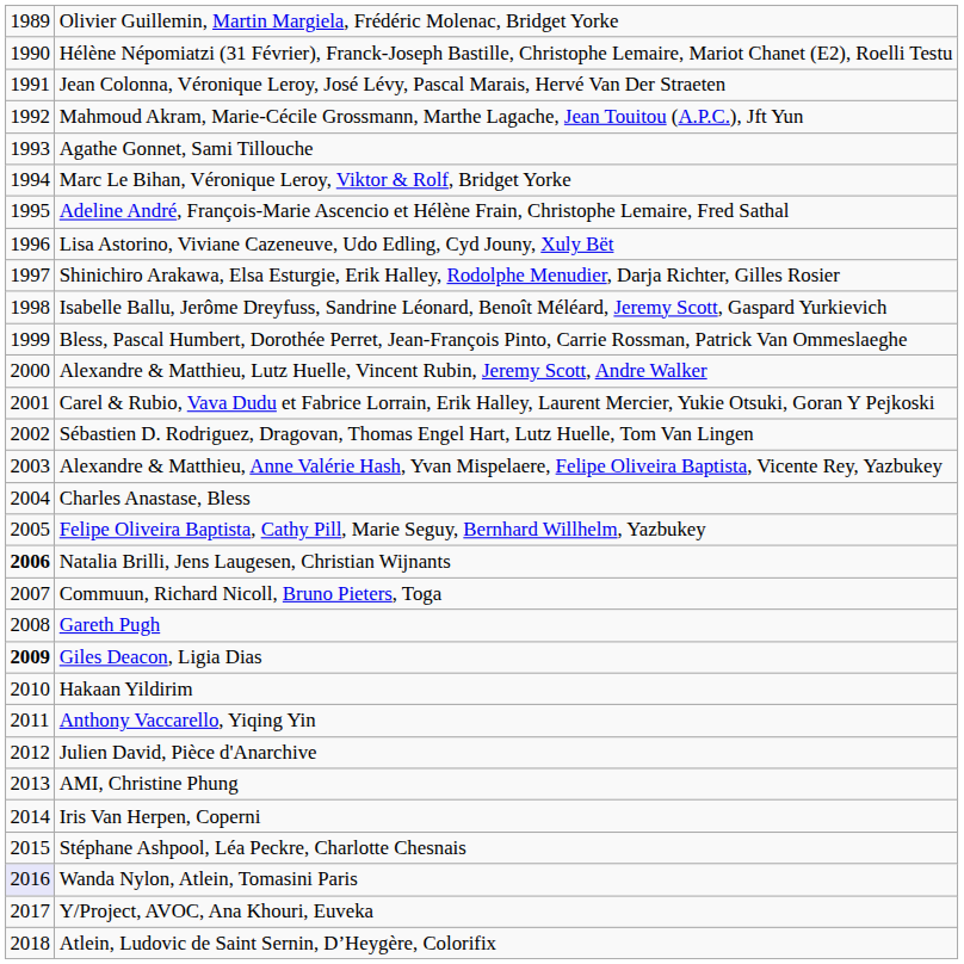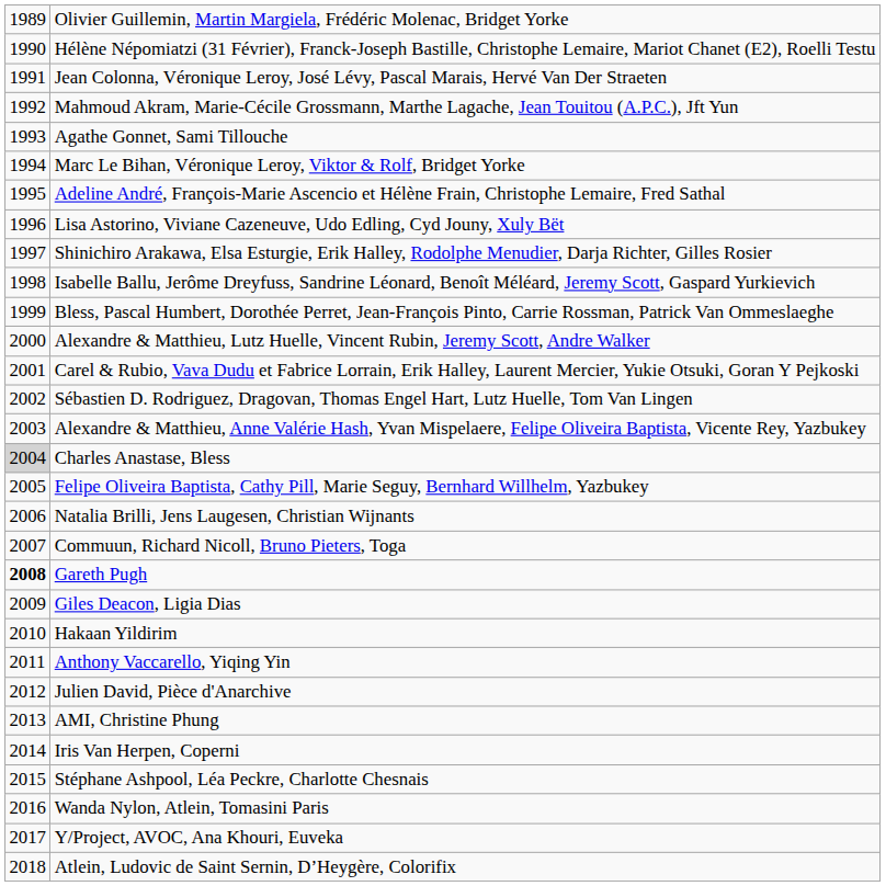 <table class="wikitable">
 <tr>
 <td>1989</td>
 <td>Olivier Guillemin, <a href='#'>Martin Margiela</a>, Frédéric Molenac, Bridget Yorke</td>
 </tr>
 <tr>
 <td>1990</td>
 <td>Hélène Népomiatzi (31 Février), Franck-Joseph Bastille, Christophe Lemaire, Mariot Chanet (E2), Roelli Testu</td>
 </tr>
 <tr>
 <td>1991</td>
 <td>Jean Colonna, Véronique Leroy, José Lévy, Pascal Marais, Hervé Van Der Straeten</td>
 </tr>
 <tr>
 <td>1992</td>
 <td>Mahmoud Akram, Marie-Cécile Grossmann, Marthe Lagache, <a href='#'>Jean Touitou</a> (<a href='#'>A.P.C.</a>), Jft Yun</td>
 </tr>
 <tr>
 <td>1993</td>
 <td>Agathe Gonnet, Sami Tillouche</td>
 </tr>
 <tr>
 <td>1994</td>
 <td>Marc Le Bihan, Véronique Leroy, <a href='#'>Viktor & Rolf</a>, Bridget Yorke</td>
 </tr>
 <tr>
 <td>1995</td>
 <td><a href='#'>Adeline André</a>, François-Marie Ascencio et Hélène Frain, Christophe Lemaire, Fred Sathal</td>
 </tr>
 <tr>
 <td>1996</td>
 <td>Lisa Astorino, Viviane Cazeneuve, Udo Edling, Cyd Jouny, <a href='#'>Xuly Bët</a></td>
 </tr>
 <tr>
 <td>1997</td>
 <td>Shinichiro Arakawa, Elsa Esturgie, Erik Halley, <a href='#'>Rodolphe Menudier</a>, Darja Richter, Gilles Rosier</td>
 </tr>
 <tr>
 <td>1998</td>
 <td>Isabelle Ballu, Jerôme Dreyfuss, Sandrine Léonard, Benoît Méléard, <a href='#'>Jeremy Scott</a>, Gaspard Yurkievich</td>
 </tr>
 <tr>
 <td>1999</td>
 <td>Bless, Pascal Humbert, Dorothée Perret, Jean-François Pinto, Carrie Rossman, Patrick Van Ommeslaeghe</td>
 </tr>
 <tr>
 <td>2000</td>
 <td>Alexandre & Matthieu, Lutz Huelle, Vincent Rubin, <a href='#'>Jeremy Scott</a>, <a href='#'>Andre Walker</a></td>
 </tr>
 <tr>
 <td>2001</td>
 <td>Carel & Rubio, <a href='#'>Vava Dudu</a> et Fabrice Lorrain, Erik Halley, Laurent Mercier, Yukie Otsuki, Goran Y Pejkoski</td>
 </tr>
 <tr>
 <td>2002</td>
 <td>Sébastien D. Rodriguez, Dragovan, Thomas Engel Hart, Lutz Huelle, Tom Van Lingen</td>
 </tr>
 <tr>
 <td>2003</td>
 <td>Alexandre & Matthieu, <a href='#'>Anne Valérie Hash</a>, Yvan Mispelaere, <a href='#'>Felipe Oliveira Baptista</a>, Vicente Rey, Yazbukey</td>
 </tr>
 <tr>
-<td>2004</td>
+<td style="background: lightgrey;">2004</td>
 <td>Charles Anastase, Bless</td>
 </tr>
 <tr>
 <td>2005</td>
 <td><a href='#'>Felipe Oliveira Baptista</a>, <a href='#'>Cathy Pill</a>, Marie Seguy, <a href='#'>Bernhard Willhelm</a>, Yazbukey</td>
 </tr>
 <tr>
-<td><strong>2006</strong></td>
+<td>2006</td>
 <td>Natalia Brilli, Jens Laugesen, Christian Wijnants</td>
 </tr>
 <tr>
 <td>2007</td>
 <td>Commuun, Richard Nicoll, <a href='#'>Bruno Pieters</a>, Toga</td>
 </tr>
 <tr>
-<td>2008</td>
+<td><strong>2008</strong></td>
 <td><a href='#'>Gareth Pugh</a></td>
 </tr>
 <tr>
-<td><strong>2009</strong></td>
+<td>2009</td>
 <td><a href='#'>Giles Deacon</a>, Ligia Dias</td>
 </tr>
 <tr>
 <td>2010</td>
 <td>Hakaan Yildirim</td>
 </tr>
 <tr>
 <td>2011</td>
 <td><a href='#'>Anthony Vaccarello</a>, Yiqing Yin</td>
 </tr>
 <tr>
 <td>2012</td>
 <td>Julien David, Pièce d'Anarchive</td>
 </tr>
 <tr>
 <td>2013</td>
 <td>AMI, Christine Phung</td>
 </tr>
 <tr>
 <td>2014</td>
 <td>Iris Van Herpen, Coperni</td>
 </tr>
 <tr>
 <td>2015</td>
 <td>Stéphane Ashpool, Léa Peckre, Charlotte Chesnais</td>
 </tr>
 <tr>
-<td style="background: lavender;">2016</td>
+<td>2016</td>
 <td>Wanda Nylon, Atlein, Tomasini Paris</td>
 </tr>
 <tr>
 <td>2017</td>
 <td>Y/Project, AVOC, Ana Khouri, Euveka</td>
 </tr>
 <tr>
 <td>2018</td>
 <td>Atlein, Ludovic de Saint Sernin, D’Heygère, Colorifix</td>
 </tr>
 </table>
